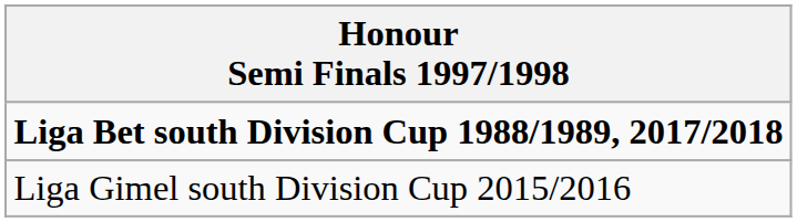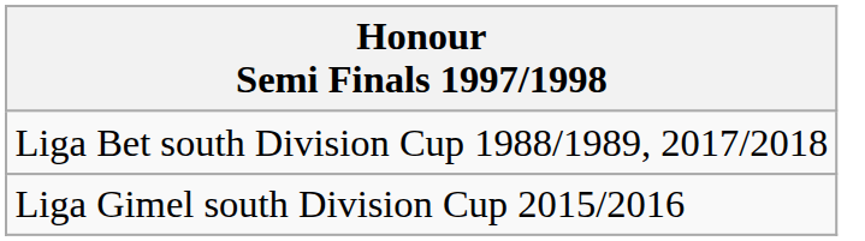 <table class="wikitable plainrowheaders">
 <tr>
 <th scope=col>Honour<br>Semi Finals 1997/1998</th>
 </tr>
 <tr>
-<td><strong>Liga Bet south Division Cup 1988/1989, 2017/2018</strong></td>
+<td>Liga Bet south Division Cup 1988/1989, 2017/2018</td>
 </tr>
 <tr>
 <td>Liga Gimel south Division Cup 2015/2016</td>
 </tr>
 </table>
